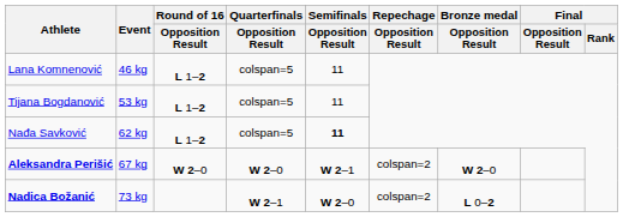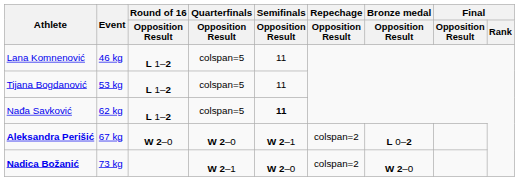 <table class="wikitable" style="font-size:90%">
 <tr>
 <th rowspan="2">Athlete</th>
 <th rowspan="2">Event</th>
 <th>Round of 16</th>
 <th>Quarterfinals</th>
 <th>Semifinals</th>
 <th>Repechage</th>
 <th>Bronze medal</th>
 <th colspan=2>Final</th>
 </tr>
 <tr style="font-size:95%">
 <th>Opposition<br>Result</th>
 <th>Opposition<br>Result</th>
 <th>Opposition<br>Result</th>
 <th>Opposition<br>Result</th>
 <th>Opposition<br>Result</th>
 <th>Opposition<br>Result</th>
 <th>Rank</th>
 </tr>
 <tr align=center>
 <td align=left><a href='#'>Lana Komnenović</a></td>
 <td align=left><a href='#'>46 kg</a></td>
 <td><br> <strong>L</strong> 1–<strong>2</strong></td>
 <td>colspan=5 </td>
 <td>11</td>
 </tr>
 <tr align=center>
 <td align=left><a href='#'>Tijana Bogdanović</a></td>
 <td align=left><a href='#'>53 kg</a></td>
 <td><br> <strong>L</strong> 1–<strong>2</strong></td>
 <td>colspan=5 </td>
 <td>11</td>
 </tr>
 <tr align=center>
 <td align=left><a href='#'>Nađa Savković</a></td>
 <td align=left><a href='#'>62 kg</a></td>
 <td><br> <strong>L</strong> 1–<strong>2</strong></td>
 <td>colspan=5 </td>
 <td><strong>11</strong></td>
 </tr>
 <tr align=center>
 <td align=left><strong><a href='#'>Aleksandra Perišić</a></strong></td>
 <td align=left><a href='#'>67 kg</a></td>
 <td><br> <strong>W</strong> <strong>2</strong>–0</td>
 <td><br> <strong>W</strong> <strong>2</strong>–0</td>
 <td><br> <strong>W</strong> <strong>2</strong>–1</td>
 <td>colspan=2 </td>
-<td><br> <strong>W</strong> <strong>2</strong>–0</td>
+<td><br> <strong>L</strong> 0–<strong>2</strong></td>
 <td></td>
 </tr>
 <tr align=center>
 <td align=left><strong><a href='#'>Nadica Božanić</a></strong></td>
 <td align=left><a href='#'>73 kg</a></td>
 <td></td>
 <td><br> <strong>W</strong> <strong>2</strong>–1</td>
 <td><br> <strong>W</strong> <strong>2</strong>–0</td>
 <td>colspan=2 </td>
-<td><br> <strong>L</strong> 0–<strong>2</strong></td>
+<td><br> <strong>W</strong> <strong>2</strong>–0</td>
 <td></td>
 </tr>
 </table>
